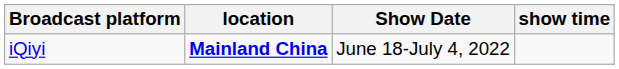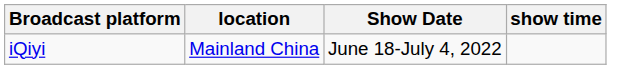 <table class="wikitable">
 <tr>
 <th>Broadcast platform</th>
 <th>location</th>
 <th>Show Date</th>
 <th>show time</th>
 </tr>
 <tr>
 <td><a href='#'>iQiyi</a></td>
-<td><strong><a href='#'>Mainland China</a></strong></td>
+<td><a href='#'>Mainland China</a></td>
 <td>June 18-July 4, 2022</td>
 </tr>
 </table>
